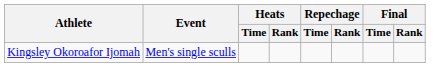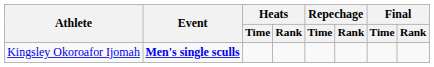 <table class="wikitable" style="font-size:90%">
 <tr>
 <th rowspan=2>Athlete</th>
 <th rowspan=2>Event</th>
 <th colspan=2>Heats</th>
 <th colspan=2>Repechage</th>
 <th colspan=2>Final</th>
 </tr>
 <tr style="font-size:95%">
 <th>Time</th>
 <th>Rank</th>
 <th>Time</th>
 <th>Rank</th>
 <th>Time</th>
 <th>Rank</th>
 </tr>
 <tr align=center>
 <td align=left><a href='#'>Kingsley Okoroafor Ijomah</a></td>
-<td align=left><a href='#'>Men's single sculls</a></td>
+<td align=left><strong><a href='#'>Men's single sculls</a></strong></td>
 <td></td>
 <td></td>
 <td></td>
 <td></td>
 <td></td>
 <td></td>
 </tr>
 </table>
